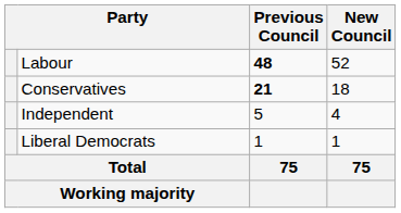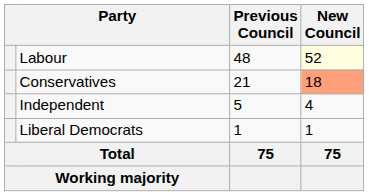 <table class="wikitable">
 <tr>
 <th colspan="2" style="width: 230px" valign="top">Party</th>
 <th style="width: 30px" valign="top">Previous Council</th>
 <th style="width: 30px" valign="top">New Council</th>
 </tr>
 <tr>
 <th style="background-color: "></th>
 <td>Labour</td>
-<td><strong>48</strong></td>
-<td>52</td>
+<td>48</td>
+<td style="background: lightyellow;">52</td>
 </tr>
 <tr>
 <th style="background-color: "></th>
 <td>Conservatives</td>
-<td><strong>21</strong></td>
-<td>18</td>
+<td>21</td>
+<td style="background: lightsalmon;">18</td>
 </tr>
 <tr>
 <th style="background-color: "></th>
 <td>Independent</td>
 <td>5</td>
 <td>4</td>
 </tr>
 <tr>
 <th style="background-color: "></th>
 <td>Liberal Democrats</td>
 <td>1</td>
 <td>1</td>
 </tr>
 <tr>
 <th colspan="2">Total</th>
 <th style="text-align: center">75</th>
 <th>75</th>
 </tr>
 <tr>
 <th colspan="2">Working majority</th>
 <th></th>
 <th></th>
 </tr>
 </table>
